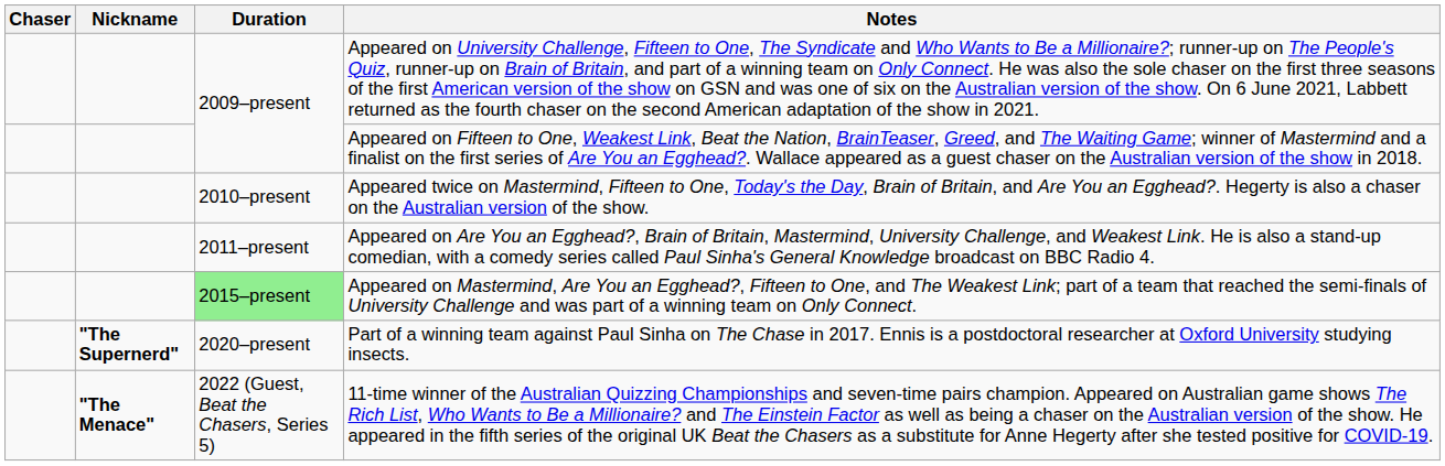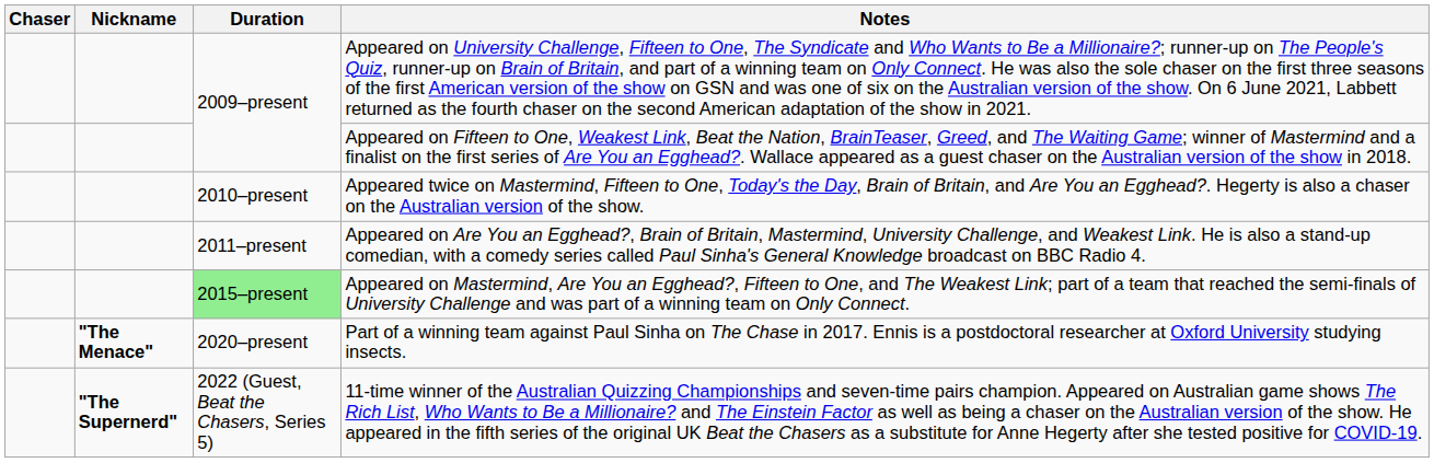 <table class="wikitable sortable sticky-header" style="width:100%;">
 <tr>
 <th style="white-space:nowrap;">Chaser</th>
 <th style="white-space:nowrap;">Nickname</th>
 <th style="white-space:nowrap;">Duration</th>
 <th class=unsortable>Notes</th>
 </tr>
 <tr>
 <td><strong></strong></td>
 <td><strong></strong></td>
 <td rowspan="2">2009–present</td>
 <td>Appeared on <em><a href='#'>University Challenge</a></em>, <em><a href='#'>Fifteen to One</a></em>, <em><a href='#'>The Syndicate</a></em> and <em><a href='#'>Who Wants to Be a Millionaire?</a></em>; runner-up on <em><a href='#'>The People's Quiz</a></em>, runner-up on <em><a href='#'>Brain of Britain</a></em>, and part of a winning team on <em><a href='#'>Only Connect</a></em>. He was also the sole chaser on the first three seasons of the first <a href='#'>American version of the show</a> on GSN and was one of six on the <a href='#'>Australian version of the show</a>. On 6 June 2021, Labbett returned as the fourth chaser on the second American adaptation of the show in 2021.</td>
 </tr>
 <tr>
 <td style="white-space:nowrap;"><strong></strong></td>
 <td><strong></strong></td>
 <td>Appeared on <em>Fifteen to One</em>, <em><a href='#'>Weakest Link</a></em>, <em>Beat the Nation</em>, <em><a href='#'>BrainTeaser</a></em>, <em><a href='#'>Greed</a></em>, and <em><a href='#'>The Waiting Game</a></em>; winner of <em>Mastermind</em> and a finalist on the first series of <em><a href='#'>Are You an Egghead?</a></em>. Wallace appeared as a guest chaser on the <a href='#'>Australian version of the show</a> in 2018.</td>
 </tr>
 <tr>
 <td><strong></strong></td>
 <td><strong></strong></td>
 <td>2010–present</td>
 <td>Appeared twice on <em>Mastermind</em>, <em>Fifteen to One</em>, <em><a href='#'>Today's the Day</a></em>, <em>Brain of Britain</em>, and <em>Are You an Egghead?</em>. Hegerty is also a chaser on the <a href='#'>Australian version</a> of the show.</td>
 </tr>
 <tr>
 <td><strong></strong></td>
 <td><strong></strong></td>
 <td>2011–present</td>
 <td>Appeared on <em>Are You an Egghead?</em>, <em>Brain of Britain</em>, <em>Mastermind</em>, <em>University Challenge</em>, and <em>Weakest Link</em>. He is also a stand-up comedian, with a comedy series called <em>Paul Sinha's General Knowledge</em> broadcast on BBC Radio 4.</td>
 </tr>
 <tr>
 <td><strong></strong></td>
 <td><strong></strong></td>
 <td style="background: lightgreen;">2015–present</td>
 <td>Appeared on <em>Mastermind</em>, <em>Are You an Egghead?</em>, <em>Fifteen to One</em>, and <em>The Weakest Link</em>; part of a team that reached the semi-finals of <em>University Challenge</em> and was part of a winning team on <em>Only Connect</em>.</td>
 </tr>
 <tr>
 <td><strong></strong></td>
-<td><strong>"The Supernerd"</strong></td>
+<td><strong>"The Menace"</strong></td>
 <td>2020–present</td>
 <td>Part of a winning team against Paul Sinha on <em>The Chase</em> in 2017. Ennis is a postdoctoral researcher at <a href='#'>Oxford University</a> studying insects.</td>
 </tr>
 <tr>
 <td><strong></strong></td>
-<td><strong>"The Menace"</strong></td>
+<td><strong>"The Supernerd"</strong></td>
 <td>2022 (Guest, <em>Beat the Chasers</em>, Series 5)</td>
 <td>11-time winner of the <a href='#'>Australian Quizzing Championships</a> and seven-time pairs champion. Appeared on Australian game shows <em><a href='#'>The Rich List</a></em>, <em><a href='#'>Who Wants to Be a Millionaire?</a></em> and <em><a href='#'>The Einstein Factor</a></em> as well as being a chaser on the <a href='#'>Australian version</a> of the show. He appeared in the fifth series of the original UK <em>Beat the Chasers</em> as a substitute for Anne Hegerty after she tested positive for <a href='#'>COVID-19</a>.</td>
 </tr>
 </table>
